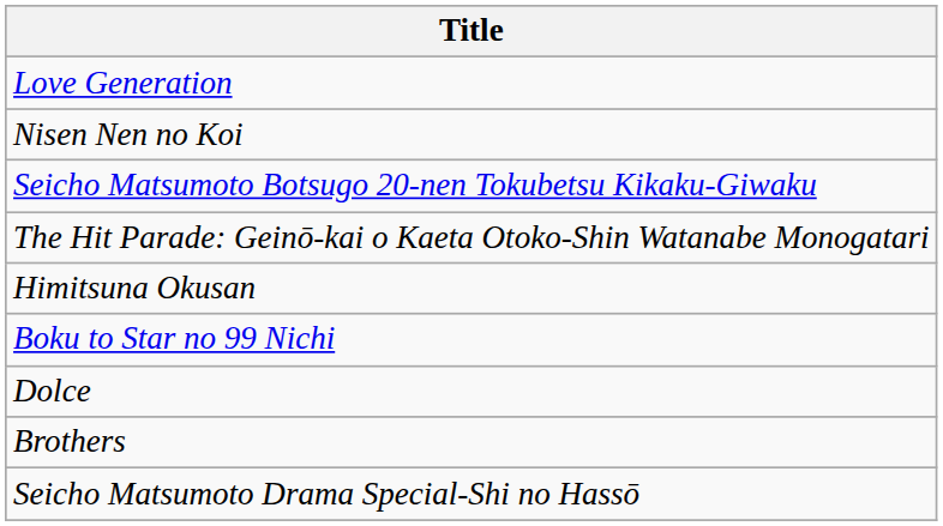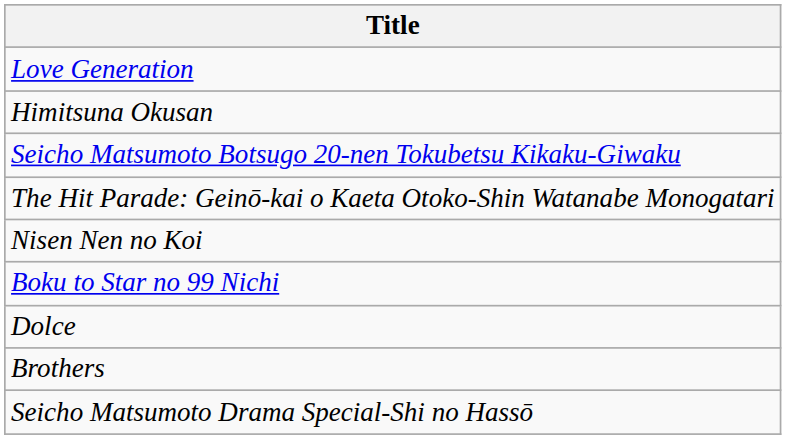 <table class="wikitable">
 <tr>
 <th>Title</th>
 </tr>
 <tr>
 <td><em><a href='#'>Love Generation</a></em></td>
 </tr>
 <tr>
-<td><em>Nisen Nen no Koi</em></td>
+<td><em>Himitsuna Okusan</em></td>
 </tr>
 <tr>
 <td><em><a href='#'>Seicho Matsumoto Botsugo 20-nen Tokubetsu Kikaku-Giwaku</a></em></td>
 </tr>
 <tr>
 <td><em>The Hit Parade: Geinō-kai o Kaeta Otoko-Shin Watanabe Monogatari</em></td>
 </tr>
 <tr>
-<td><em>Himitsuna Okusan</em></td>
+<td><em>Nisen Nen no Koi</em></td>
 </tr>
 <tr>
 <td><em><a href='#'>Boku to Star no 99 Nichi</a></em></td>
 </tr>
 <tr>
 <td><em>Dolce</em></td>
 </tr>
 <tr>
 <td><em>Brothers</em></td>
 </tr>
 <tr>
 <td><em>Seicho Matsumoto Drama Special-Shi no Hassō</em></td>
 </tr>
 </table>
